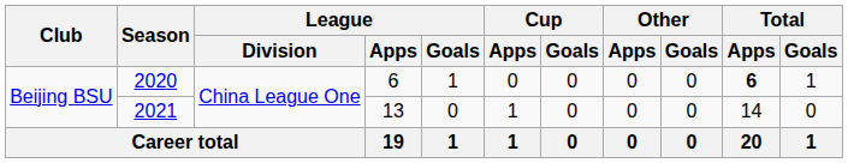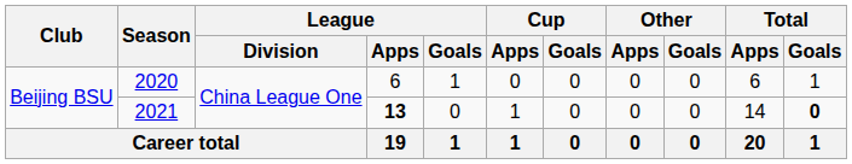 <table class="wikitable" style="text-align: center">
 <tr>
 <th rowspan="2">Club</th>
 <th rowspan="2">Season</th>
 <th colspan="3">League</th>
 <th colspan="2">Cup</th>
 <th colspan="2">Other</th>
 <th colspan="2">Total</th>
 </tr>
 <tr>
 <th>Division</th>
 <th>Apps</th>
 <th>Goals</th>
 <th>Apps</th>
 <th>Goals</th>
 <th>Apps</th>
 <th>Goals</th>
 <th>Apps</th>
 <th>Goals</th>
 </tr>
 <tr>
 <td rowspan="2"><a href='#'>Beijing BSU</a></td>
 <td><a href='#'>2020</a></td>
 <td rowspan="2"><a href='#'>China League One</a></td>
 <td>6</td>
 <td>1</td>
 <td>0</td>
 <td>0</td>
 <td>0</td>
 <td>0</td>
-<td><strong>6</strong></td>
+<td>6</td>
 <td>1</td>
 </tr>
 <tr>
 <td><a href='#'>2021</a></td>
-<td>13</td>
+<td><strong>13</strong></td>
 <td>0</td>
 <td>1</td>
 <td>0</td>
 <td>0</td>
 <td>0</td>
 <td>14</td>
-<td>0</td>
+<td><strong>0</strong></td>
 </tr>
 <tr>
 <th colspan=3>Career total</th>
 <th>19</th>
 <th>1</th>
 <th>1</th>
 <th>0</th>
 <th>0</th>
 <th>0</th>
 <th>20</th>
 <th>1</th>
 </tr>
 </table>
